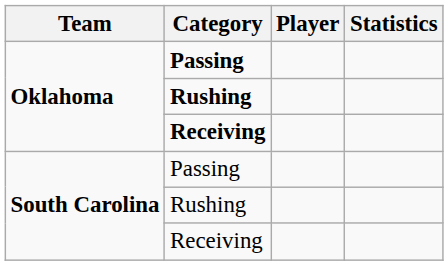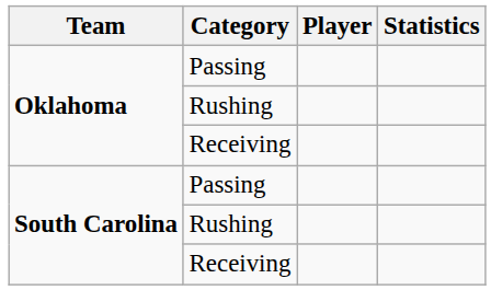 <table class="wikitable" style="float: right;">
 <tr>
 <th>Team</th>
 <th>Category</th>
 <th>Player</th>
 <th>Statistics</th>
 </tr>
 <tr>
 <td rowspan=3><strong>Oklahoma</strong></td>
-<td><strong>Passing</strong></td>
+<td>Passing</td>
 <td></td>
 <td></td>
 </tr>
 <tr>
-<td><strong>Rushing</strong></td>
+<td>Rushing</td>
 <td></td>
 <td></td>
 </tr>
 <tr>
-<td><strong>Receiving</strong></td>
+<td>Receiving</td>
 <td></td>
 <td></td>
 </tr>
 <tr>
 <td rowspan=3><strong>South Carolina</strong></td>
 <td>Passing</td>
 <td></td>
 <td></td>
 </tr>
 <tr>
 <td>Rushing</td>
 <td></td>
 <td></td>
 </tr>
 <tr>
 <td>Receiving</td>
 <td></td>
 <td></td>
 </tr>
 </table>
